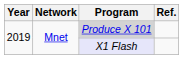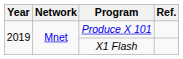 <table class="wikitable plainrowheaders" style="text-align:center;">
 <tr>
 <th>Year</th>
 <th>Network</th>
 <th>Program</th>
 <th>Ref.</th>
 </tr>
 <tr>
 <td rowspan="2">2019</td>
 <td rowspan="2"><a href='#'>Mnet</a></td>
-<td style="background: lightgrey;"><em><a href='#'>Produce X 101</a></em></td>
+<td><em><a href='#'>Produce X 101</a></em></td>
 <td></td>
 </tr>
 <tr>
-<td style="background: lavender;"><em>X1 Flash</em></td>
+<td><em>X1 Flash</em></td>
 <td></td>
 </tr>
 </table>
